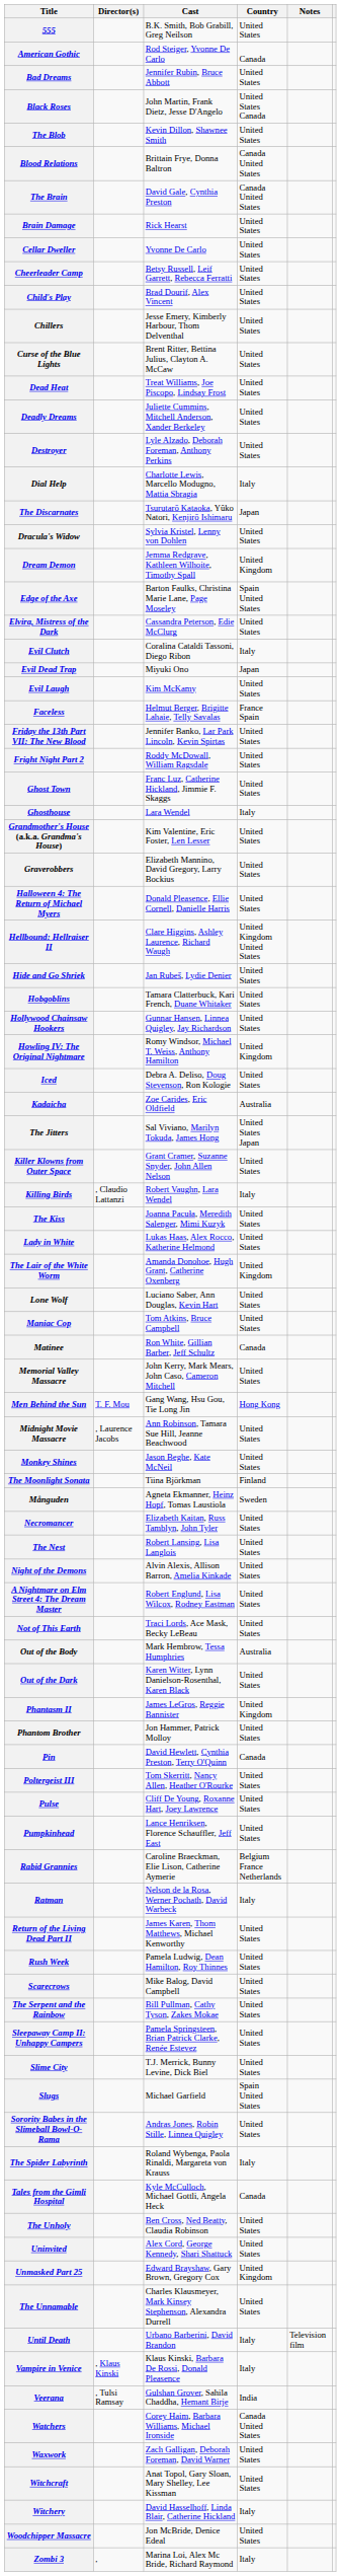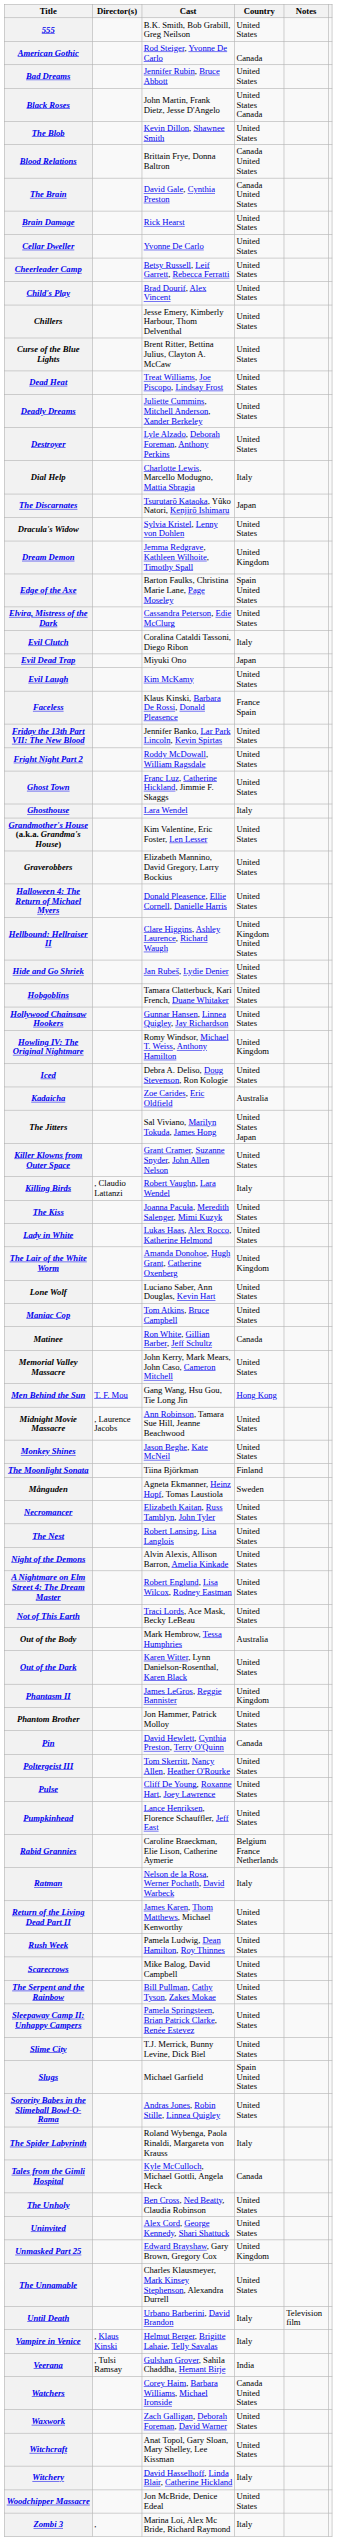 <table class="wikitable sortable">
 <tr>
 <th scope="col">Title</th>
 <th scope="col">Director(s)</th>
 <th scope="col" class="unsortable">Cast</th>
 <th scope="col">Country</th>
 <th scope="col" class="unsortable">Notes</th>
 <th scope="col" class="unsortable"></th>
 </tr>
 <tr>
 <th><em><a href='#'>555</a></em></th>
 <td></td>
 <td>B.K. Smith, Bob Grabill, Greg Neilson</td>
 <td>United States</td>
 <td></td>
 <td style="text-align:center;"></td>
 </tr>
 <tr>
 <th><em><a href='#'>American Gothic</a></em></th>
 <td></td>
 <td><a href='#'>Rod Steiger</a>, <a href='#'>Yvonne De Carlo</a></td>
 <td><br>Canada</td>
 <td></td>
 <td style="text-align:center;"></td>
 </tr>
 <tr>
 <th><em><a href='#'>Bad Dreams</a></em></th>
 <td></td>
 <td><a href='#'>Jennifer Rubin</a>, <a href='#'>Bruce Abbott</a></td>
 <td>United States</td>
 <td></td>
 <td style="text-align:center;"></td>
 </tr>
 <tr>
 <th><em><a href='#'>Black Roses</a></em></th>
 <td></td>
 <td>John Martin, Frank Dietz, Jesse D'Angelo</td>
 <td>United States<br>Canada</td>
 <td></td>
 <td style="text-align:center;"></td>
 </tr>
 <tr>
 <th><em><a href='#'>The Blob</a></em></th>
 <td></td>
 <td><a href='#'>Kevin Dillon</a>, <a href='#'>Shawnee Smith</a></td>
 <td>United States</td>
 <td></td>
 <td style="text-align:center;"></td>
 </tr>
 <tr>
 <th><em><a href='#'>Blood Relations</a></em></th>
 <td></td>
 <td>Brittain Frye, Donna Baltron</td>
 <td>Canada<br>United States</td>
 <td></td>
 <td style="text-align:center;"></td>
 </tr>
 <tr>
 <th><em><a href='#'>The Brain</a></em></th>
 <td></td>
 <td><a href='#'>David Gale</a>, <a href='#'>Cynthia Preston</a></td>
 <td>Canada<br>United States</td>
 <td></td>
 <td style="text-align:center;"></td>
 </tr>
 <tr>
 <th><em><a href='#'>Brain Damage</a></em></th>
 <td></td>
 <td><a href='#'>Rick Hearst</a></td>
 <td>United States</td>
 <td></td>
 <td style="text-align:center;"></td>
 </tr>
 <tr>
 <th><em><a href='#'>Cellar Dweller</a></em></th>
 <td></td>
 <td><a href='#'>Yvonne De Carlo</a></td>
 <td>United States</td>
 <td></td>
 <td style="text-align:center;"></td>
 </tr>
 <tr>
 <th><em><a href='#'>Cheerleader Camp</a></em></th>
 <td></td>
 <td><a href='#'>Betsy Russell</a>, <a href='#'>Leif Garrett</a>, <a href='#'>Rebecca Ferratti</a></td>
 <td>United States</td>
 <td></td>
 <td style="text-align:center;"></td>
 </tr>
 <tr>
 <th><em><a href='#'>Child's Play</a></em></th>
 <td></td>
 <td><a href='#'>Brad Dourif</a>, <a href='#'>Alex Vincent</a></td>
 <td>United States</td>
 <td></td>
 <td style="text-align:center;"></td>
 </tr>
 <tr>
 <th><em>Chillers</em></th>
 <td></td>
 <td>Jesse Emery, Kimberly Harbour, Thom Delventhal</td>
 <td>United States</td>
 <td></td>
 <td style="text-align:center;"></td>
 </tr>
 <tr>
 <th><em>Curse of the Blue Lights</em></th>
 <td></td>
 <td>Brent Ritter, Bettina Julius, Clayton A. McCaw</td>
 <td>United States</td>
 <td></td>
 <td style="text-align:center;"></td>
 </tr>
 <tr>
 <th><em><a href='#'>Dead Heat</a></em></th>
 <td></td>
 <td><a href='#'>Treat Williams</a>, <a href='#'>Joe Piscopo</a>, <a href='#'>Lindsay Frost</a></td>
 <td>United States</td>
 <td></td>
 <td style="text-align:center;"></td>
 </tr>
 <tr>
 <th><em><a href='#'>Deadly Dreams</a></em></th>
 <td></td>
 <td><a href='#'>Juliette Cummins</a>, <a href='#'>Mitchell Anderson</a>, <a href='#'>Xander Berkeley</a></td>
 <td>United States</td>
 <td></td>
 <td style="text-align:center;"></td>
 </tr>
 <tr>
 <th><em><a href='#'>Destroyer</a></em></th>
 <td></td>
 <td><a href='#'>Lyle Alzado</a>, <a href='#'>Deborah Foreman</a>, <a href='#'>Anthony Perkins</a></td>
 <td>United States</td>
 <td></td>
 <td style="text-align:center;"></td>
 </tr>
 <tr>
 <th><em>Dial Help</em></th>
 <td></td>
 <td><a href='#'>Charlotte Lewis</a>, Marcello Modugno, <a href='#'>Mattia Sbragia</a></td>
 <td>Italy</td>
 <td></td>
 <td style="text-align:center;"></td>
 </tr>
 <tr>
 <th><em><a href='#'>The Discarnates</a></em></th>
 <td></td>
 <td><a href='#'>Tsurutarō Kataoka</a>, Yûko Natori, <a href='#'>Kenjirō Ishimaru</a></td>
 <td>Japan</td>
 <td></td>
 <td style="text-align:center;"></td>
 </tr>
 <tr>
 <th><em>Dracula's Widow</em></th>
 <td></td>
 <td><a href='#'>Sylvia Kristel</a>, <a href='#'>Lenny von Dohlen</a></td>
 <td>United States</td>
 <td></td>
 <td style="text-align:center;"></td>
 </tr>
 <tr>
 <th><em><a href='#'>Dream Demon</a></em></th>
 <td></td>
 <td><a href='#'>Jemma Redgrave</a>, <a href='#'>Kathleen Wilhoite</a>, <a href='#'>Timothy Spall</a></td>
 <td>United Kingdom</td>
 <td></td>
 <td style="text-align:center;"></td>
 </tr>
 <tr>
 <th><em><a href='#'>Edge of the Axe</a></em></th>
 <td></td>
 <td>Barton Faulks, Christina Marie Lane, <a href='#'>Page Moseley</a></td>
 <td>Spain<br>United States</td>
 <td></td>
 <td style="text-align:center;"></td>
 </tr>
 <tr>
 <th><em><a href='#'>Elvira, Mistress of the Dark</a></em></th>
 <td></td>
 <td><a href='#'>Cassandra Peterson</a>, <a href='#'>Edie McClurg</a></td>
 <td>United States</td>
 <td></td>
 <td style="text-align:center;"></td>
 </tr>
 <tr>
 <th><em><a href='#'>Evil Clutch</a></em></th>
 <td></td>
 <td>Coralina Cataldi Tassoni, Diego Ribon</td>
 <td>Italy</td>
 <td></td>
 <td style="text-align:center;"></td>
 </tr>
 <tr>
 <th><em><a href='#'>Evil Dead Trap</a></em></th>
 <td></td>
 <td>Miyuki Ono</td>
 <td>Japan</td>
 <td></td>
 <td style="text-align:center;"></td>
 </tr>
 <tr>
 <th><em><a href='#'>Evil Laugh</a></em></th>
 <td></td>
 <td><a href='#'>Kim McKamy</a></td>
 <td>United States</td>
 <td></td>
 <td style="text-align:center;"></td>
 </tr>
 <tr>
 <th><em><a href='#'>Faceless</a></em></th>
 <td></td>
-<td><a href='#'>Helmut Berger</a>, <a href='#'>Brigitte Lahaie</a>, <a href='#'>Telly Savalas</a></td>
+<td>Klaus Kinski, <a href='#'>Barbara De Rossi</a>, <a href='#'>Donald Pleasence</a></td>
 <td>France<br>Spain</td>
 <td></td>
 <td style="text-align:center;"></td>
 </tr>
 <tr>
 <th><em><a href='#'>Friday the 13th Part VII: The New Blood</a></em></th>
 <td></td>
 <td>Jennifer Banko, <a href='#'>Lar Park Lincoln</a>, <a href='#'>Kevin Spirtas</a></td>
 <td>United States</td>
 <td></td>
 <td style="text-align:center;"></td>
 </tr>
 <tr>
 <th><em><a href='#'>Fright Night Part 2</a></em></th>
 <td></td>
 <td><a href='#'>Roddy McDowall</a>, <a href='#'>William Ragsdale</a></td>
 <td>United States</td>
 <td></td>
 <td style="text-align:center;"></td>
 </tr>
 <tr>
 <th><em><a href='#'>Ghost Town</a></em></th>
 <td></td>
 <td><a href='#'>Franc Luz</a>, <a href='#'>Catherine Hickland</a>, Jimmie F. Skaggs</td>
 <td>United States</td>
 <td></td>
 <td style="text-align:center;"></td>
 </tr>
 <tr>
 <th><em><a href='#'>Ghosthouse</a></em></th>
 <td></td>
 <td><a href='#'>Lara Wendel</a></td>
 <td>Italy</td>
 <td></td>
 <td style="text-align:center;"></td>
 </tr>
 <tr>
 <th><em><a href='#'>Grandmother's House</a></em> (a.k.a. <em>Grandma's House</em>)</th>
 <td></td>
 <td>Kim Valentine, Eric Foster, <a href='#'>Len Lesser</a></td>
 <td>United States</td>
 <td></td>
 <td style="text-align:center;"></td>
 </tr>
 <tr>
 <th><em>Graverobbers</em></th>
 <td></td>
 <td>Elizabeth Mannino, David Gregory, Larry Bockius</td>
 <td>United States</td>
 <td></td>
 <td style="text-align:center;"></td>
 </tr>
 <tr>
 <th><em><a href='#'>Halloween 4: The Return of Michael Myers</a></em></th>
 <td></td>
 <td><a href='#'>Donald Pleasence</a>, <a href='#'>Ellie Cornell</a>, <a href='#'>Danielle Harris</a></td>
 <td>United States</td>
 <td></td>
 <td style="text-align:center;"></td>
 </tr>
 <tr>
 <th><em><a href='#'>Hellbound: Hellraiser II</a></em></th>
 <td></td>
 <td><a href='#'>Clare Higgins</a>, <a href='#'>Ashley Laurence</a>, <a href='#'>Richard Waugh</a></td>
 <td>United Kingdom<br>United States</td>
 <td></td>
 <td style="text-align:center;"></td>
 </tr>
 <tr>
 <th><em><a href='#'>Hide and Go Shriek</a></em></th>
 <td></td>
 <td><a href='#'>Jan Rubeš</a>, <a href='#'>Lydie Denier</a></td>
 <td>United States</td>
 <td></td>
 <td style="text-align:center;"></td>
 </tr>
 <tr>
 <th><em><a href='#'>Hobgoblins</a></em></th>
 <td></td>
 <td>Tamara Clatterbuck, Kari French, <a href='#'>Duane Whitaker</a></td>
 <td>United States</td>
 <td></td>
 <td style="text-align:center;"></td>
 </tr>
 <tr>
 <th><em><a href='#'>Hollywood Chainsaw Hookers</a></em></th>
 <td></td>
 <td><a href='#'>Gunnar Hansen</a>, <a href='#'>Linnea Quigley</a>, <a href='#'>Jay Richardson</a></td>
 <td>United States</td>
 <td></td>
 <td style="text-align:center;"></td>
 </tr>
 <tr>
 <th><em><a href='#'>Howling IV: The Original Nightmare</a></em></th>
 <td></td>
 <td>Romy Windsor, <a href='#'>Michael T. Weiss</a>, <a href='#'>Anthony Hamilton</a></td>
 <td>United Kingdom</td>
 <td></td>
 <td style="text-align:center;"></td>
 </tr>
 <tr>
 <th><em><a href='#'>Iced</a></em></th>
 <td></td>
 <td>Debra A. Deliso, <a href='#'>Doug Stevenson</a>, Ron Kologie</td>
 <td>United States</td>
 <td></td>
 <td style="text-align:center;"></td>
 </tr>
 <tr>
 <th><em><a href='#'>Kadaicha</a></em></th>
 <td></td>
 <td><a href='#'>Zoe Carides</a>, <a href='#'>Eric Oldfield</a></td>
 <td>Australia</td>
 <td></td>
 <td style="text-align:center;"></td>
 </tr>
 <tr>
 <th><em>The Jitters</em></th>
 <td></td>
 <td>Sal Viviano, <a href='#'>Marilyn Tokuda</a>, <a href='#'>James Hong</a></td>
 <td>United States<br>Japan</td>
 <td></td>
 <td style="text-align:center;"></td>
 </tr>
 <tr>
 <th><em><a href='#'>Killer Klowns from Outer Space</a></em></th>
 <td></td>
 <td><a href='#'>Grant Cramer</a>, <a href='#'>Suzanne Snyder</a>, <a href='#'>John Allen Nelson</a></td>
 <td>United States</td>
 <td></td>
 <td style="text-align:center;"></td>
 </tr>
 <tr>
 <th><em><a href='#'>Killing Birds</a></em></th>
 <td>, Claudio Lattanzi</td>
 <td><a href='#'>Robert Vaughn</a>, <a href='#'>Lara Wendel</a></td>
 <td>Italy</td>
 <td></td>
 <td style="text-align:center;"></td>
 </tr>
 <tr>
 <th><em><a href='#'>The Kiss</a></em></th>
 <td></td>
 <td><a href='#'>Joanna Pacuła</a>, <a href='#'>Meredith Salenger</a>, <a href='#'>Mimi Kuzyk</a></td>
 <td>United States</td>
 <td></td>
 <td style="text-align:center;"></td>
 </tr>
 <tr>
 <th><em><a href='#'>Lady in White</a></em></th>
 <td></td>
 <td><a href='#'>Lukas Haas</a>, <a href='#'>Alex Rocco</a>, <a href='#'>Katherine Helmond</a></td>
 <td>United States</td>
 <td></td>
 <td style="text-align:center;"></td>
 </tr>
 <tr>
 <th><em><a href='#'>The Lair of the White Worm</a></em></th>
 <td></td>
 <td><a href='#'>Amanda Donohoe</a>, <a href='#'>Hugh Grant</a>, <a href='#'>Catherine Oxenberg</a></td>
 <td>United Kingdom</td>
 <td></td>
 <td style="text-align:center;"></td>
 </tr>
 <tr>
 <th><em>Lone Wolf</em></th>
 <td></td>
 <td>Luciano Saber, Ann Douglas, <a href='#'>Kevin Hart</a></td>
 <td>United States</td>
 <td></td>
 <td style="text-align:center;"></td>
 </tr>
 <tr>
 <th><em><a href='#'>Maniac Cop</a></em></th>
 <td></td>
 <td><a href='#'>Tom Atkins</a>, <a href='#'>Bruce Campbell</a></td>
 <td>United States</td>
 <td></td>
 <td style="text-align:center;"></td>
 </tr>
 <tr>
 <th><em>Matinee</em></th>
 <td></td>
 <td><a href='#'>Ron White</a>, <a href='#'>Gillian Barber</a>, <a href='#'>Jeff Schultz</a></td>
 <td>Canada</td>
 <td></td>
 <td style="text-align:center;"></td>
 </tr>
 <tr>
 <th><em>Memorial Valley Massacre</em></th>
 <td></td>
 <td>John Kerry, Mark Mears, John Caso, <a href='#'>Cameron Mitchell</a></td>
 <td>United States</td>
 <td></td>
 <td style="text-align:center;"></td>
 </tr>
 <tr>
 <th><em><a href='#'>Men Behind the Sun</a></em></th>
 <td><a href='#'>T. F. Mou</a></td>
 <td>Gang Wang, Hsu Gou, Tie Long Jin</td>
 <td><a href='#'>Hong Kong</a></td>
 <td></td>
 </tr>
 <tr>
 <th><em>Midnight Movie Massacre</em></th>
 <td>, Laurence Jacobs</td>
 <td><a href='#'>Ann Robinson</a>, Tamara Sue Hill, Jeanne Beachwood</td>
 <td>United States</td>
 <td></td>
 <td style="text-align:center;"></td>
 </tr>
 <tr>
 <th><em><a href='#'>Monkey Shines</a></em></th>
 <td></td>
 <td><a href='#'>Jason Beghe</a>, <a href='#'>Kate McNeil</a></td>
 <td>United States</td>
 <td></td>
 <td style="text-align:center;"></td>
 </tr>
 <tr>
 <th><em><a href='#'>The Moonlight Sonata</a></em></th>
 <td></td>
 <td>Tiina Björkman</td>
 <td>Finland</td>
 <td></td>
 <td style="text-align:center;"></td>
 </tr>
 <tr>
 <th><em>Månguden</em></th>
 <td></td>
 <td>Agneta Ekmanner, <a href='#'>Heinz Hopf</a>, Tomas Laustiola</td>
 <td>Sweden</td>
 <td></td>
 <td style="text-align:center;"></td>
 </tr>
 <tr>
 <th><em><a href='#'>Necromancer</a></em></th>
 <td></td>
 <td><a href='#'>Elizabeth Kaitan</a>, <a href='#'>Russ Tamblyn</a>, <a href='#'>John Tyler</a></td>
 <td>United States</td>
 <td></td>
 <td style="text-align:center;"></td>
 </tr>
 <tr>
 <th><em><a href='#'>The Nest</a></em></th>
 <td></td>
 <td><a href='#'>Robert Lansing</a>, <a href='#'>Lisa Langlois</a></td>
 <td>United States</td>
 <td></td>
 <td style="text-align:center;"></td>
 </tr>
 <tr>
 <th><em><a href='#'>Night of the Demons</a></em></th>
 <td></td>
 <td>Alvin Alexis, Allison Barron, <a href='#'>Amelia Kinkade</a></td>
 <td>United States</td>
 <td></td>
 <td style="text-align:center;"></td>
 </tr>
 <tr>
 <th><em><a href='#'>A Nightmare on Elm Street 4: The Dream Master</a></em></th>
 <td></td>
 <td><a href='#'>Robert Englund</a>, <a href='#'>Lisa Wilcox</a>, <a href='#'>Rodney Eastman</a></td>
 <td>United States</td>
 <td></td>
 <td style="text-align:center;"></td>
 </tr>
 <tr>
 <th><em><a href='#'>Not of This Earth</a></em></th>
 <td></td>
 <td><a href='#'>Traci Lords</a>, Ace Mask, Becky LeBeau</td>
 <td>United States</td>
 <td></td>
 <td style="text-align:center;"></td>
 </tr>
 <tr>
 <th><em>Out of the Body</em></th>
 <td></td>
 <td>Mark Hembrow, <a href='#'>Tessa Humphries</a></td>
 <td>Australia</td>
 <td></td>
 <td style="text-align:center;"></td>
 </tr>
 <tr>
 <th><em><a href='#'>Out of the Dark</a></em></th>
 <td></td>
 <td><a href='#'>Karen Witter</a>, Lynn Danielson-Rosenthal, <a href='#'>Karen Black</a></td>
 <td>United States</td>
 <td></td>
 <td style="text-align:center;"></td>
 </tr>
 <tr>
 <th><em><a href='#'>Phantasm II</a></em></th>
 <td></td>
 <td><a href='#'>James LeGros</a>, <a href='#'>Reggie Bannister</a></td>
 <td>United Kingdom</td>
 <td></td>
 <td style="text-align:center;"></td>
 </tr>
 <tr>
 <th><em>Phantom Brother</em></th>
 <td></td>
 <td>Jon Hammer, Patrick Molloy</td>
 <td>United States</td>
 <td></td>
 <td style="text-align:center;"></td>
 </tr>
 <tr>
 <th><em><a href='#'>Pin</a></em></th>
 <td></td>
 <td><a href='#'>David Hewlett</a>, <a href='#'>Cynthia Preston</a>, <a href='#'>Terry O'Quinn</a></td>
 <td>Canada</td>
 <td></td>
 <td style="text-align:center;"></td>
 </tr>
 <tr>
 <th><em><a href='#'>Poltergeist III</a></em></th>
 <td></td>
 <td><a href='#'>Tom Skerritt</a>, <a href='#'>Nancy Allen</a>, <a href='#'>Heather O'Rourke</a></td>
 <td>United States</td>
 <td></td>
 <td style="text-align:center;"></td>
 </tr>
 <tr>
 <th><em><a href='#'>Pulse</a></em></th>
 <td></td>
 <td><a href='#'>Cliff De Young</a>, <a href='#'>Roxanne Hart</a>, <a href='#'>Joey Lawrence</a></td>
 <td>United States</td>
 <td></td>
 <td style="text-align:center;"></td>
 </tr>
 <tr>
 <th><em><a href='#'>Pumpkinhead</a></em></th>
 <td></td>
 <td><a href='#'>Lance Henriksen</a>, Florence Schauffler, <a href='#'>Jeff East</a></td>
 <td>United States</td>
 <td></td>
 <td style="text-align:center;"></td>
 </tr>
 <tr>
 <th><em><a href='#'>Rabid Grannies</a></em></th>
 <td></td>
 <td>Caroline Braeckman, Elie Lison, Catherine Aymerie</td>
 <td>Belgium<br>France<br>Netherlands</td>
 <td></td>
 <td style="text-align:center;"></td>
 </tr>
 <tr>
 <th><em><a href='#'>Ratman</a></em></th>
 <td></td>
 <td><a href='#'>Nelson de la Rosa</a>, <a href='#'>Werner Pochath</a>, <a href='#'>David Warbeck</a></td>
 <td>Italy</td>
 <td></td>
 <td style="text-align:center;"></td>
 </tr>
 <tr>
 <th><em><a href='#'>Return of the Living Dead Part II</a></em></th>
 <td></td>
 <td><a href='#'>James Karen</a>, <a href='#'>Thom Matthews</a>, Michael Kenworthy</td>
 <td>United States</td>
 <td></td>
 <td style="text-align:center;"></td>
 </tr>
 <tr>
 <th><em><a href='#'>Rush Week</a></em></th>
 <td></td>
 <td>Pamela Ludwig, <a href='#'>Dean Hamilton</a>, <a href='#'>Roy Thinnes</a></td>
 <td>United States</td>
 <td></td>
 <td style="text-align:center;"></td>
 </tr>
 <tr>
 <th><em><a href='#'>Scarecrows</a></em></th>
 <td></td>
 <td>Mike Balog, David Campbell</td>
 <td>United States</td>
 <td></td>
 <td style="text-align:center;"></td>
 </tr>
 <tr>
 <th><em><a href='#'>The Serpent and the Rainbow</a></em></th>
 <td></td>
 <td><a href='#'>Bill Pullman</a>, <a href='#'>Cathy Tyson</a>, <a href='#'>Zakes Mokae</a></td>
 <td>United States</td>
 <td></td>
 <td style="text-align:center;"></td>
 </tr>
 <tr>
 <th><em><a href='#'>Sleepaway Camp II: Unhappy Campers</a></em></th>
 <td></td>
 <td><a href='#'>Pamela Springsteen</a>, <a href='#'>Brian Patrick Clarke</a>, <a href='#'>Renée Estevez</a></td>
 <td>United States</td>
 <td></td>
 <td style="text-align:center;"></td>
 </tr>
 <tr>
 <th><em><a href='#'>Slime City</a></em></th>
 <td></td>
 <td>T.J. Merrick, Bunny Levine, Dick Biel</td>
 <td>United States</td>
 <td></td>
 <td style="text-align:center;"></td>
 </tr>
 <tr>
 <th><em><a href='#'>Slugs</a></em></th>
 <td></td>
 <td>Michael Garfield</td>
 <td>Spain<br>United States</td>
 <td></td>
 <td style="text-align:center;"></td>
 </tr>
 <tr>
 <th><em><a href='#'>Sorority Babes in the Slimeball Bowl-O-Rama</a></em></th>
 <td></td>
 <td><a href='#'>Andras Jones</a>, <a href='#'>Robin Stille</a>, <a href='#'>Linnea Quigley</a></td>
 <td>United States</td>
 <td></td>
 <td style="text-align:center;"></td>
 </tr>
 <tr>
 <th><em><a href='#'>The Spider Labyrinth</a></em></th>
 <td></td>
 <td>Roland Wybenga, Paola Rinaldi, Margareta von Krauss</td>
 <td>Italy</td>
 <td></td>
 <td style="text-align:center;"></td>
 </tr>
 <tr>
 <th><em><a href='#'>Tales from the Gimli Hospital</a></em></th>
 <td></td>
 <td><a href='#'>Kyle McCulloch</a>, Michael Gottli, Angela Heck</td>
 <td>Canada</td>
 <td></td>
 <td style="text-align:center;"></td>
 </tr>
 <tr>
 <th><em><a href='#'>The Unholy</a></em></th>
 <td></td>
 <td><a href='#'>Ben Cross</a>, <a href='#'>Ned Beatty</a>, Claudia Robinson</td>
 <td>United States</td>
 <td></td>
 <td style="text-align:center;"></td>
 </tr>
 <tr>
 <th><em><a href='#'>Uninvited</a></em></th>
 <td></td>
 <td><a href='#'>Alex Cord</a>, <a href='#'>George Kennedy</a>, <a href='#'>Shari Shattuck</a></td>
 <td>United States</td>
 <td></td>
 <td style="text-align:center;"></td>
 </tr>
 <tr>
 <th><em><a href='#'>Unmasked Part 25</a></em></th>
 <td></td>
 <td><a href='#'>Edward Brayshaw</a>, Gary Brown, Gregory Cox</td>
 <td>United Kingdom</td>
 <td></td>
 <td style="text-align:center;"></td>
 </tr>
 <tr>
 <th><em><a href='#'>The Unnamable</a></em></th>
 <td></td>
 <td>Charles Klausmeyer, <a href='#'>Mark Kinsey Stephenson</a>, Alexandra Durrell</td>
 <td>United States</td>
 <td></td>
 <td style="text-align:center;"></td>
 </tr>
 <tr>
 <th><em><a href='#'>Until Death</a></em></th>
 <td></td>
 <td><a href='#'>Urbano Barberini</a>, <a href='#'>David Brandon</a></td>
 <td>Italy</td>
 <td>Television film</td>
 <td style="text-align:center;"></td>
 </tr>
 <tr>
 <th><em><a href='#'>Vampire in Venice</a></em></th>
 <td>, <a href='#'>Klaus Kinski</a></td>
-<td>Klaus Kinski, <a href='#'>Barbara De Rossi</a>, <a href='#'>Donald Pleasence</a></td>
+<td><a href='#'>Helmut Berger</a>, <a href='#'>Brigitte Lahaie</a>, <a href='#'>Telly Savalas</a></td>
 <td>Italy</td>
 <td></td>
 <td style="text-align:center;"></td>
 </tr>
 <tr>
 <th><em><a href='#'>Veerana</a></em></th>
 <td>, Tulsi Ramsay</td>
 <td><a href='#'>Gulshan Grover</a>, Sahila Chaddha, <a href='#'>Hemant Birje</a></td>
 <td>India</td>
 <td></td>
 <td style="text-align:center;"></td>
 </tr>
 <tr>
 <th><em><a href='#'>Watchers</a></em></th>
 <td></td>
 <td><a href='#'>Corey Haim</a>, <a href='#'>Barbara Williams</a>, <a href='#'>Michael Ironside</a></td>
 <td>Canada<br>United States</td>
 <td></td>
 <td style="text-align:center;"></td>
 </tr>
 <tr>
 <th><em><a href='#'>Waxwork</a></em></th>
 <td></td>
 <td><a href='#'>Zach Galligan</a>, <a href='#'>Deborah Foreman</a>, <a href='#'>David Warner</a></td>
 <td>United States</td>
 <td></td>
 <td style="text-align:center;"></td>
 </tr>
 <tr>
 <th><em><a href='#'>Witchcraft</a></em></th>
 <td></td>
 <td>Anat Topol, Gary Sloan, Mary Shelley, Lee Kissman</td>
 <td>United States</td>
 <td></td>
 <td style="text-align:center;"></td>
 </tr>
 <tr>
 <th><em><a href='#'>Witchery</a></em></th>
 <td></td>
 <td><a href='#'>David Hasselhoff</a>, <a href='#'>Linda Blair</a>, <a href='#'>Catherine Hickland</a></td>
 <td>Italy</td>
 <td></td>
 <td style="text-align:center;"></td>
 </tr>
 <tr>
 <th><em><a href='#'>Woodchipper Massacre</a></em></th>
 <td></td>
 <td>Jon McBride, Denice Edeal</td>
 <td>United States</td>
 <td></td>
 <td style="text-align:center;"></td>
 </tr>
 <tr>
 <th><em><a href='#'>Zombi 3</a></em></th>
 <td>, </td>
 <td>Marina Loi, Alex Mc Bride, Richard Raymond</td>
 <td>Italy</td>
 <td></td>
 <td style="text-align:center;"></td>
 </tr>
 </table>
